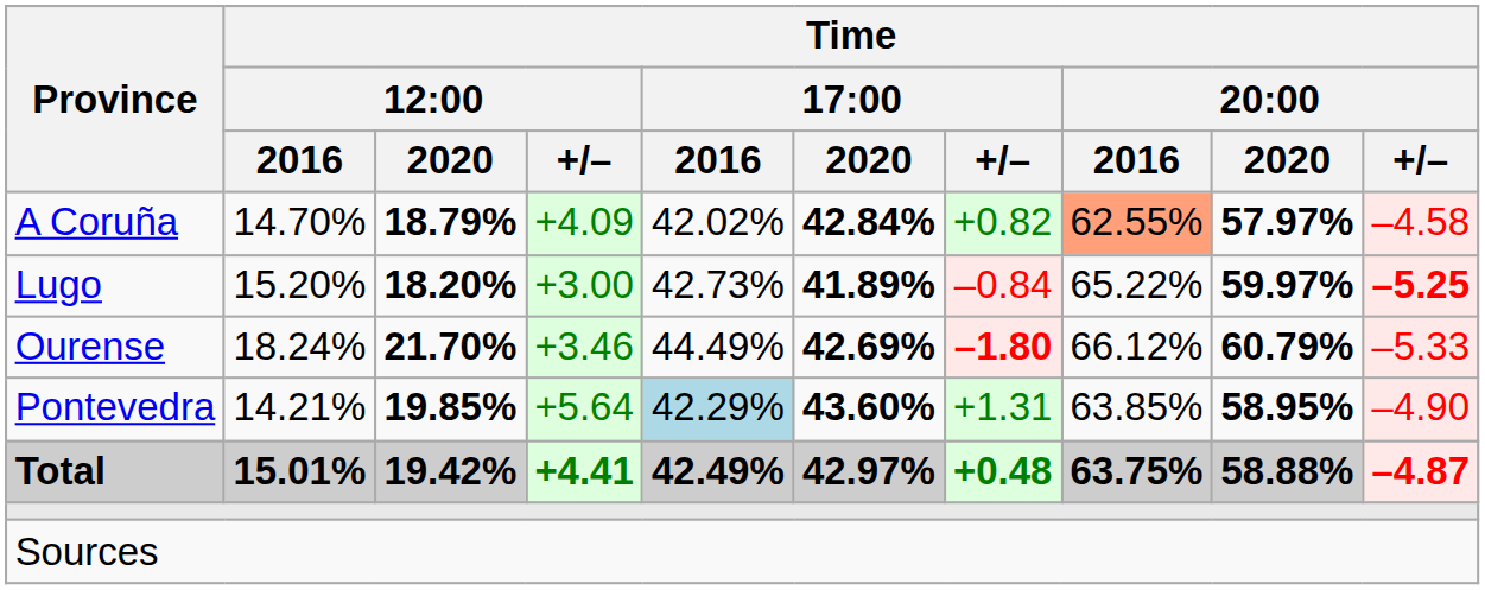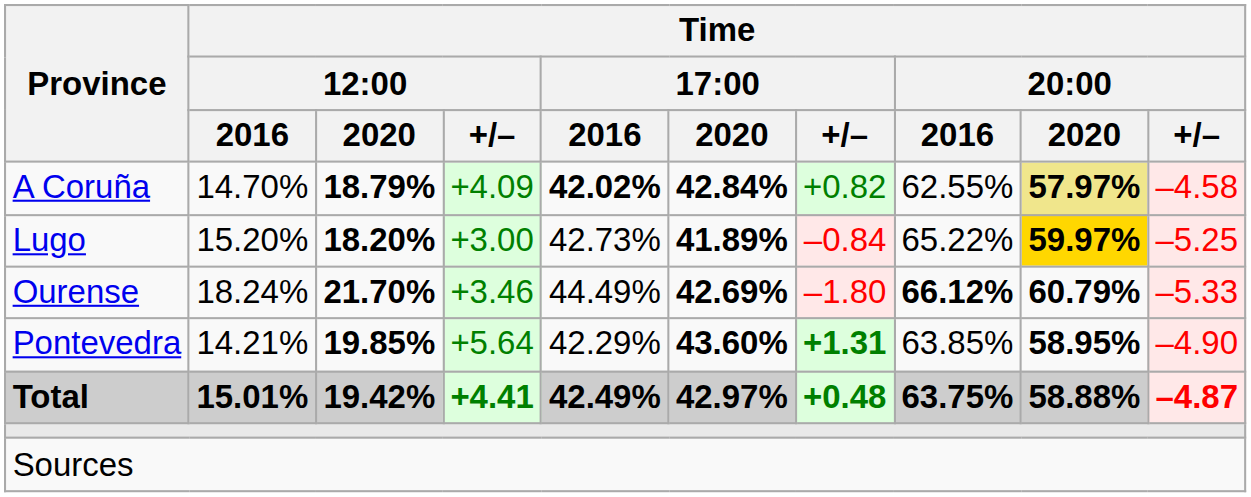 <table class="wikitable sortable" style="text-align:right;">
 <tr>
 <th rowspan="3">Province</th>
 <th colspan="9">Time</th>
 </tr>
 <tr>
 <th colspan="3">12:00</th>
 <th colspan="3">17:00</th>
 <th colspan="3">20:00</th>
 </tr>
 <tr>
 <th>2016</th>
 <th>2020</th>
 <th>+/–</th>
 <th>2016</th>
 <th>2020</th>
 <th>+/–</th>
 <th>2016</th>
 <th>2020</th>
 <th>+/–</th>
 </tr>
 <tr>
 <td align="left"><a href='#'>A Coruña</a></td>
 <td>14.70%</td>
 <td><strong>18.79%</strong></td>
 <td style="background:#DDFFDD; color:green;">+4.09</td>
-<td>42.02%</td>
+<td><strong>42.02%</strong></td>
 <td><strong>42.84%</strong></td>
 <td style="background:#DDFFDD; color:green;">+0.82</td>
-<td style="background: lightsalmon;">62.55%</td>
-<td><strong>57.97%</strong></td>
+<td>62.55%</td>
+<td style="background: khaki;"><strong>57.97%</strong></td>
 <td style="background:#FFE8E8; color:red;">–4.58</td>
 </tr>
 <tr>
 <td align="left"><a href='#'>Lugo</a></td>
 <td>15.20%</td>
 <td><strong>18.20%</strong></td>
 <td style="background:#DDFFDD; color:green;">+3.00</td>
 <td>42.73%</td>
 <td><strong>41.89%</strong></td>
 <td style="background:#FFE8E8; color:red;">–0.84</td>
 <td>65.22%</td>
-<td><strong>59.97%</strong></td>
-<td style="background:#FFE8E8; color:red;"><strong>–5.25</strong></td>
+<td style="background: gold;"><strong>59.97%</strong></td>
+<td style="background:#FFE8E8; color:red;">–5.25</td>
 </tr>
 <tr>
 <td align="left"><a href='#'>Ourense</a></td>
 <td>18.24%</td>
 <td><strong>21.70%</strong></td>
 <td style="background:#DDFFDD; color:green;">+3.46</td>
 <td>44.49%</td>
 <td><strong>42.69%</strong></td>
-<td style="background:#FFE8E8; color:red;"><strong>–1.80</strong></td>
-<td>66.12%</td>
+<td style="background:#FFE8E8; color:red;">–1.80</td>
+<td><strong>66.12%</strong></td>
 <td><strong>60.79%</strong></td>
 <td style="background:#FFE8E8; color:red;">–5.33</td>
 </tr>
 <tr>
 <td align="left"><a href='#'>Pontevedra</a></td>
 <td>14.21%</td>
 <td><strong>19.85%</strong></td>
 <td style="background:#DDFFDD; color:green;">+5.64</td>
-<td style="background: lightblue;">42.29%</td>
+<td>42.29%</td>
 <td><strong>43.60%</strong></td>
-<td style="background:#DDFFDD; color:green;">+1.31</td>
+<td style="background:#DDFFDD; color:green;"><strong>+1.31</strong></td>
 <td>63.85%</td>
 <td><strong>58.95%</strong></td>
 <td style="background:#FFE8E8; color:red;">–4.90</td>
 </tr>
 <tr style="background:#CDCDCD;">
 <td align="left"><strong>Total</strong></td>
 <td><strong>15.01%</strong></td>
 <td><strong>19.42%</strong></td>
 <td style="background:#DDFFDD; color:green;"><strong>+4.41</strong></td>
 <td><strong>42.49%</strong></td>
 <td><strong>42.97%</strong></td>
 <td style="background:#DDFFDD; color:green;"><strong>+0.48</strong></td>
 <td><strong>63.75%</strong></td>
 <td><strong>58.88%</strong></td>
 <td style="background:#FFE8E8; color:red;"><strong>–4.87</strong></td>
 </tr>
 <tr>
 <td colspan="10" bgcolor="#E9E9E9"></td>
 </tr>
 <tr>
 <td align="left" colspan="10">Sources</td>
 </tr>
 </table>
